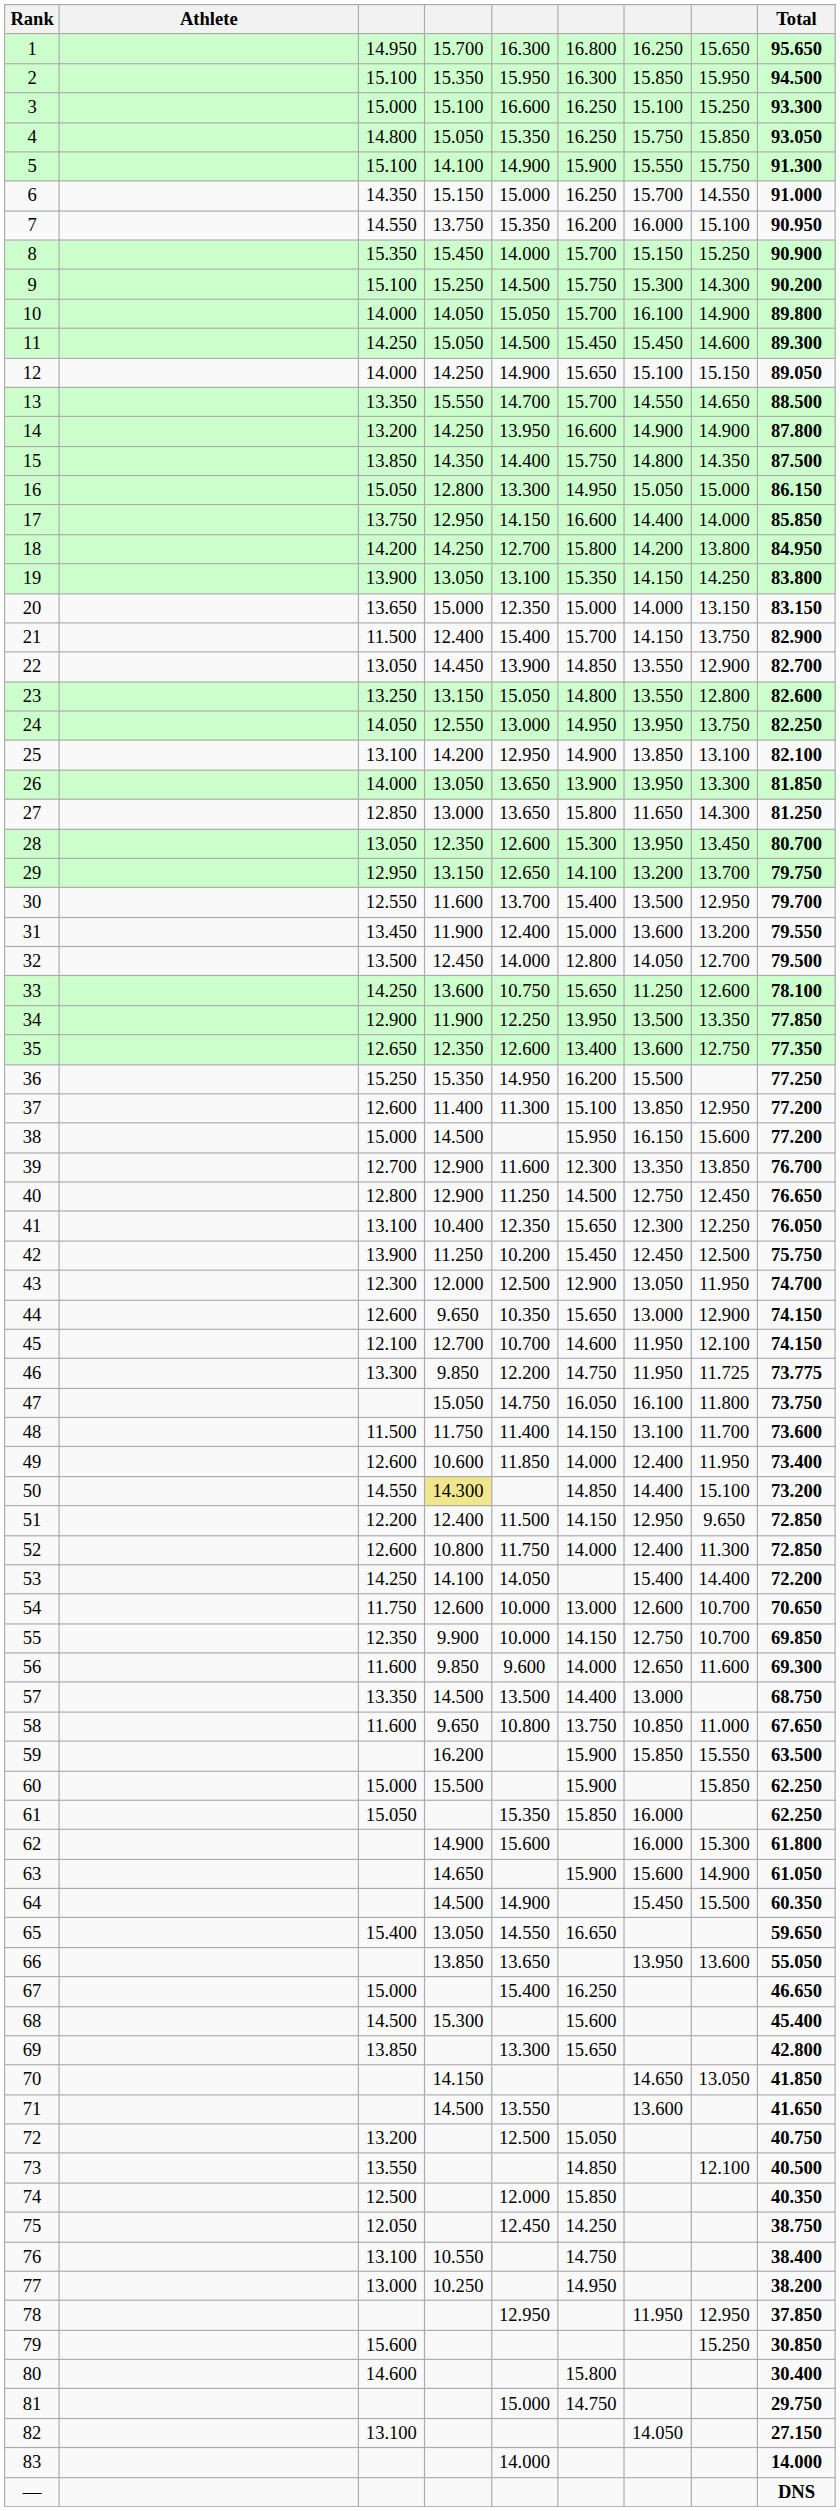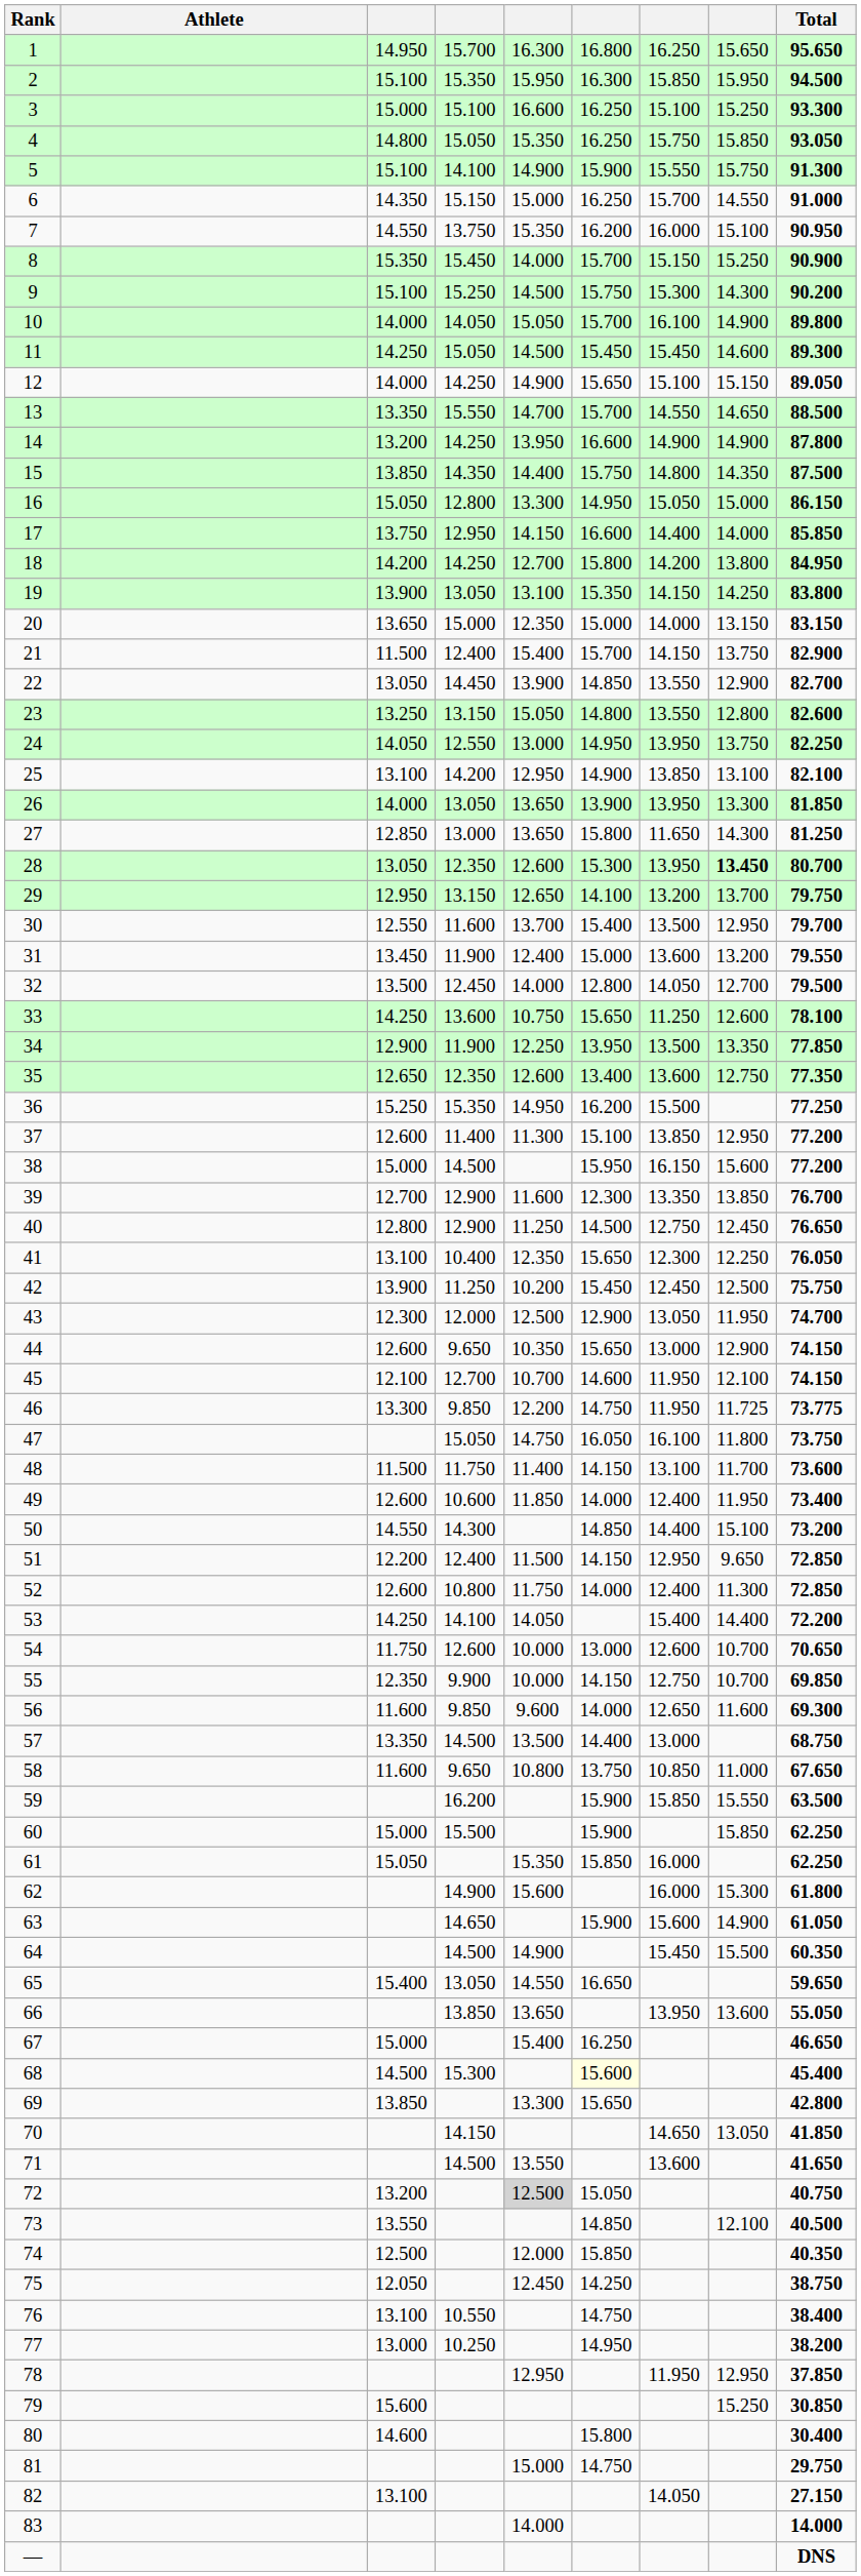 <table class=wikitable style="text-align:center">
 <tr>
 <th width=40>Rank</th>
 <th width=250>Athlete</th>
 <th width=50></th>
 <th width=50></th>
 <th width=50></th>
 <th width=50></th>
 <th width=50></th>
 <th width=50></th>
 <th width=60>Total</th>
 </tr>
 <tr bgcolor="ccffcc">
 <td>1</td>
 <td align=left></td>
 <td>14.950</td>
 <td>15.700</td>
 <td>16.300</td>
 <td>16.800</td>
 <td>16.250</td>
 <td>15.650</td>
 <td><strong>95.650</strong></td>
 </tr>
 <tr bgcolor="ccffcc">
 <td>2</td>
 <td align=left></td>
 <td>15.100</td>
 <td>15.350</td>
 <td>15.950</td>
 <td>16.300</td>
 <td>15.850</td>
 <td>15.950</td>
 <td><strong>94.500</strong></td>
 </tr>
 <tr bgcolor="ccffcc">
 <td>3</td>
 <td align=left></td>
 <td>15.000</td>
 <td>15.100</td>
 <td>16.600</td>
 <td>16.250</td>
 <td>15.100</td>
 <td>15.250</td>
 <td><strong>93.300</strong></td>
 </tr>
 <tr bgcolor="ccffcc">
 <td>4</td>
 <td align=left></td>
 <td>14.800</td>
 <td>15.050</td>
 <td>15.350</td>
 <td>16.250</td>
 <td>15.750</td>
 <td>15.850</td>
 <td><strong>93.050</strong></td>
 </tr>
 <tr bgcolor="ccffcc">
 <td>5</td>
 <td align=left></td>
 <td>15.100</td>
 <td>14.100</td>
 <td>14.900</td>
 <td>15.900</td>
 <td>15.550</td>
 <td>15.750</td>
 <td><strong>91.300</strong></td>
 </tr>
 <tr>
 <td>6</td>
 <td align=left></td>
 <td>14.350</td>
 <td>15.150</td>
 <td>15.000</td>
 <td>16.250</td>
 <td>15.700</td>
 <td>14.550</td>
 <td><strong>91.000</strong></td>
 </tr>
 <tr>
 <td>7</td>
 <td align=left></td>
 <td>14.550</td>
 <td>13.750</td>
 <td>15.350</td>
 <td>16.200</td>
 <td>16.000</td>
 <td>15.100</td>
 <td><strong>90.950</strong></td>
 </tr>
 <tr bgcolor="ccffcc">
 <td>8</td>
 <td align=left></td>
 <td>15.350</td>
 <td>15.450</td>
 <td>14.000</td>
 <td>15.700</td>
 <td>15.150</td>
 <td>15.250</td>
 <td><strong>90.900</strong></td>
 </tr>
 <tr bgcolor="ccffcc">
 <td>9</td>
 <td align=left></td>
 <td>15.100</td>
 <td>15.250</td>
 <td>14.500</td>
 <td>15.750</td>
 <td>15.300</td>
 <td>14.300</td>
 <td><strong>90.200</strong></td>
 </tr>
 <tr bgcolor="ccffcc">
 <td>10</td>
 <td align=left></td>
 <td>14.000</td>
 <td>14.050</td>
 <td>15.050</td>
 <td>15.700</td>
 <td>16.100</td>
 <td>14.900</td>
 <td><strong>89.800</strong></td>
 </tr>
 <tr bgcolor="ccffcc">
 <td>11</td>
 <td align=left></td>
 <td>14.250</td>
 <td>15.050</td>
 <td>14.500</td>
 <td>15.450</td>
 <td>15.450</td>
 <td>14.600</td>
 <td><strong>89.300</strong></td>
 </tr>
 <tr>
 <td>12</td>
 <td align=left></td>
 <td>14.000</td>
 <td>14.250</td>
 <td>14.900</td>
 <td>15.650</td>
 <td>15.100</td>
 <td>15.150</td>
 <td><strong>89.050</strong></td>
 </tr>
 <tr bgcolor="ccffcc">
 <td>13</td>
 <td align=left></td>
 <td>13.350</td>
 <td>15.550</td>
 <td>14.700</td>
 <td>15.700</td>
 <td>14.550</td>
 <td>14.650</td>
 <td><strong>88.500</strong></td>
 </tr>
 <tr bgcolor="ccffcc">
 <td>14</td>
 <td align=left></td>
 <td>13.200</td>
 <td>14.250</td>
 <td>13.950</td>
 <td>16.600</td>
 <td>14.900</td>
 <td>14.900</td>
 <td><strong>87.800</strong></td>
 </tr>
 <tr bgcolor="ccffcc">
 <td>15</td>
 <td align=left></td>
 <td>13.850</td>
 <td>14.350</td>
 <td>14.400</td>
 <td>15.750</td>
 <td>14.800</td>
 <td>14.350</td>
 <td><strong>87.500</strong></td>
 </tr>
 <tr bgcolor="ccffcc">
 <td>16 </td>
 <td align=left></td>
 <td>15.050</td>
 <td>12.800</td>
 <td>13.300</td>
 <td>14.950</td>
 <td>15.050</td>
 <td>15.000</td>
 <td><strong>86.150</strong></td>
 </tr>
 <tr bgcolor="ccffcc">
 <td>17</td>
 <td align=left></td>
 <td>13.750</td>
 <td>12.950</td>
 <td>14.150</td>
 <td>16.600</td>
 <td>14.400</td>
 <td>14.000</td>
 <td><strong>85.850</strong></td>
 </tr>
 <tr bgcolor="ccffcc">
 <td>18</td>
 <td align=left></td>
 <td>14.200</td>
 <td>14.250</td>
 <td>12.700</td>
 <td>15.800</td>
 <td>14.200</td>
 <td>13.800</td>
 <td><strong>84.950</strong></td>
 </tr>
 <tr bgcolor="ccffcc">
 <td>19</td>
 <td align=left></td>
 <td>13.900</td>
 <td>13.050</td>
 <td>13.100</td>
 <td>15.350</td>
 <td>14.150</td>
 <td>14.250</td>
 <td><strong>83.800</strong></td>
 </tr>
 <tr>
 <td>20</td>
 <td align=left></td>
 <td>13.650</td>
 <td>15.000</td>
 <td>12.350</td>
 <td>15.000</td>
 <td>14.000</td>
 <td>13.150</td>
 <td><strong>83.150</strong></td>
 </tr>
 <tr>
 <td>21</td>
 <td align=left></td>
 <td>11.500</td>
 <td>12.400</td>
 <td>15.400</td>
 <td>15.700</td>
 <td>14.150</td>
 <td>13.750</td>
 <td><strong>82.900</strong></td>
 </tr>
 <tr>
 <td>22</td>
 <td align=left></td>
 <td>13.050</td>
 <td>14.450</td>
 <td>13.900</td>
 <td>14.850</td>
 <td>13.550</td>
 <td>12.900</td>
 <td><strong>82.700</strong></td>
 </tr>
 <tr bgcolor="ccffcc">
 <td>23</td>
 <td align=left></td>
 <td>13.250</td>
 <td>13.150</td>
 <td>15.050</td>
 <td>14.800</td>
 <td>13.550</td>
 <td>12.800</td>
 <td><strong>82.600</strong></td>
 </tr>
 <tr bgcolor="ccffcc">
 <td>24</td>
 <td align=left></td>
 <td>14.050</td>
 <td>12.550</td>
 <td>13.000</td>
 <td>14.950</td>
 <td>13.950</td>
 <td>13.750</td>
 <td><strong>82.250</strong></td>
 </tr>
 <tr>
 <td>25</td>
 <td align=left></td>
 <td>13.100</td>
 <td>14.200</td>
 <td>12.950</td>
 <td>14.900</td>
 <td>13.850</td>
 <td>13.100</td>
 <td><strong>82.100</strong></td>
 </tr>
 <tr bgcolor="ccffcc">
 <td>26</td>
 <td align=left></td>
 <td>14.000</td>
 <td>13.050</td>
 <td>13.650</td>
 <td>13.900</td>
 <td>13.950</td>
 <td>13.300</td>
 <td><strong>81.850</strong></td>
 </tr>
 <tr>
 <td>27</td>
 <td align=left></td>
 <td>12.850</td>
 <td>13.000</td>
 <td>13.650</td>
 <td>15.800</td>
 <td>11.650</td>
 <td>14.300</td>
 <td><strong>81.250</strong></td>
 </tr>
 <tr bgcolor="ccffcc">
 <td>28</td>
 <td align=left></td>
 <td>13.050</td>
 <td>12.350</td>
 <td>12.600</td>
 <td>15.300</td>
 <td>13.950</td>
-<td>13.450</td>
+<td><strong>13.450</strong></td>
 <td><strong>80.700</strong></td>
 </tr>
 <tr bgcolor="ccffcc">
 <td>29</td>
 <td align=left></td>
 <td>12.950</td>
 <td>13.150</td>
 <td>12.650</td>
 <td>14.100</td>
 <td>13.200</td>
 <td>13.700</td>
 <td><strong>79.750</strong></td>
 </tr>
 <tr>
 <td>30</td>
 <td align=left></td>
 <td>12.550</td>
 <td>11.600</td>
 <td>13.700</td>
 <td>15.400</td>
 <td>13.500</td>
 <td>12.950</td>
 <td><strong>79.700</strong></td>
 </tr>
 <tr>
 <td>31</td>
 <td align=left></td>
 <td>13.450</td>
 <td>11.900</td>
 <td>12.400</td>
 <td>15.000</td>
 <td>13.600</td>
 <td>13.200</td>
 <td><strong>79.550</strong></td>
 </tr>
 <tr>
 <td>32</td>
 <td align=left></td>
 <td>13.500</td>
 <td>12.450</td>
 <td>14.000</td>
 <td>12.800</td>
 <td>14.050</td>
 <td>12.700</td>
 <td><strong>79.500</strong></td>
 </tr>
 <tr bgcolor="ccffcc">
 <td>33 </td>
 <td align=left></td>
 <td>14.250</td>
 <td>13.600</td>
 <td>10.750</td>
 <td>15.650</td>
 <td>11.250</td>
 <td>12.600</td>
 <td><strong>78.100</strong></td>
 </tr>
 <tr bgcolor="ccffcc">
 <td>34</td>
 <td align=left></td>
 <td>12.900</td>
 <td>11.900</td>
 <td>12.250</td>
 <td>13.950</td>
 <td>13.500</td>
 <td>13.350</td>
 <td><strong>77.850</strong></td>
 </tr>
 <tr bgcolor="ccffcc">
 <td>35</td>
 <td align=left></td>
 <td>12.650</td>
 <td>12.350</td>
 <td>12.600</td>
 <td>13.400</td>
 <td>13.600</td>
 <td>12.750</td>
 <td><strong>77.350</strong></td>
 </tr>
 <tr>
 <td>36</td>
 <td align=left></td>
 <td>15.250</td>
 <td>15.350</td>
 <td>14.950</td>
 <td>16.200</td>
 <td>15.500</td>
 <td></td>
 <td><strong>77.250</strong></td>
 </tr>
 <tr>
 <td>37</td>
 <td align=left></td>
 <td>12.600</td>
 <td>11.400</td>
 <td>11.300</td>
 <td>15.100</td>
 <td>13.850</td>
 <td>12.950</td>
 <td><strong>77.200</strong></td>
 </tr>
 <tr>
 <td>38</td>
 <td align=left></td>
 <td>15.000</td>
 <td>14.500</td>
 <td></td>
 <td>15.950</td>
 <td>16.150</td>
 <td>15.600</td>
 <td><strong>77.200</strong></td>
 </tr>
 <tr>
 <td>39</td>
 <td align=left></td>
 <td>12.700</td>
 <td>12.900</td>
 <td>11.600</td>
 <td>12.300</td>
 <td>13.350</td>
 <td>13.850</td>
 <td><strong>76.700</strong></td>
 </tr>
 <tr>
 <td>40 </td>
 <td align=left></td>
 <td>12.800</td>
 <td>12.900</td>
 <td>11.250</td>
 <td>14.500</td>
 <td>12.750</td>
 <td>12.450</td>
 <td><strong>76.650</strong></td>
 </tr>
 <tr>
 <td>41 </td>
 <td align=left></td>
 <td>13.100</td>
 <td>10.400</td>
 <td>12.350</td>
 <td>15.650</td>
 <td>12.300</td>
 <td>12.250</td>
 <td><strong>76.050</strong></td>
 </tr>
 <tr>
 <td>42</td>
 <td align=left></td>
 <td>13.900</td>
 <td>11.250</td>
 <td>10.200</td>
 <td>15.450</td>
 <td>12.450</td>
 <td>12.500</td>
 <td><strong>75.750</strong></td>
 </tr>
 <tr>
 <td>43</td>
 <td align=left></td>
 <td>12.300</td>
 <td>12.000</td>
 <td>12.500</td>
 <td>12.900</td>
 <td>13.050</td>
 <td>11.950</td>
 <td><strong>74.700</strong></td>
 </tr>
 <tr>
 <td>44</td>
 <td align=left></td>
 <td>12.600</td>
 <td>9.650</td>
 <td>10.350</td>
 <td>15.650</td>
 <td>13.000</td>
 <td>12.900</td>
 <td><strong>74.150</strong></td>
 </tr>
 <tr>
 <td>45</td>
 <td align=left></td>
 <td>12.100</td>
 <td>12.700</td>
 <td>10.700</td>
 <td>14.600</td>
 <td>11.950</td>
 <td>12.100</td>
 <td><strong>74.150</strong></td>
 </tr>
 <tr>
 <td>46</td>
 <td align=left></td>
 <td>13.300</td>
 <td>9.850</td>
 <td>12.200</td>
 <td>14.750</td>
 <td>11.950</td>
 <td>11.725</td>
 <td><strong>73.775</strong></td>
 </tr>
 <tr>
 <td>47</td>
 <td align=left></td>
 <td></td>
 <td>15.050</td>
 <td>14.750</td>
 <td>16.050</td>
 <td>16.100</td>
 <td>11.800</td>
 <td><strong>73.750</strong></td>
 </tr>
 <tr>
 <td>48</td>
 <td align=left></td>
 <td>11.500</td>
 <td>11.750</td>
 <td>11.400</td>
 <td>14.150</td>
 <td>13.100</td>
 <td>11.700</td>
 <td><strong>73.600</strong></td>
 </tr>
 <tr>
 <td>49</td>
 <td align=left></td>
 <td>12.600</td>
 <td>10.600</td>
 <td>11.850</td>
 <td>14.000</td>
 <td>12.400</td>
 <td>11.950</td>
 <td><strong>73.400</strong></td>
 </tr>
 <tr>
 <td>50</td>
 <td align=left></td>
 <td>14.550</td>
-<td style="background: khaki;">14.300</td>
+<td>14.300</td>
 <td></td>
 <td>14.850</td>
 <td>14.400</td>
 <td>15.100</td>
 <td><strong>73.200</strong></td>
 </tr>
 <tr>
 <td>51</td>
 <td align=left></td>
 <td>12.200</td>
 <td>12.400</td>
 <td>11.500</td>
 <td>14.150</td>
 <td>12.950</td>
 <td>9.650</td>
 <td><strong>72.850</strong></td>
 </tr>
 <tr>
 <td>52</td>
 <td align=left></td>
 <td>12.600</td>
 <td>10.800</td>
 <td>11.750</td>
 <td>14.000</td>
 <td>12.400</td>
 <td>11.300</td>
 <td><strong>72.850</strong></td>
 </tr>
 <tr>
 <td>53</td>
 <td align=left></td>
 <td>14.250</td>
 <td>14.100</td>
 <td>14.050</td>
 <td></td>
 <td>15.400</td>
 <td>14.400</td>
 <td><strong>72.200</strong></td>
 </tr>
 <tr>
 <td>54</td>
 <td align=left></td>
 <td>11.750</td>
 <td>12.600</td>
 <td>10.000</td>
 <td>13.000</td>
 <td>12.600</td>
 <td>10.700</td>
 <td><strong>70.650</strong></td>
 </tr>
 <tr>
 <td>55</td>
 <td align=left></td>
 <td>12.350</td>
 <td>9.900</td>
 <td>10.000</td>
 <td>14.150</td>
 <td>12.750</td>
 <td>10.700</td>
 <td><strong>69.850</strong></td>
 </tr>
 <tr>
 <td>56</td>
 <td align=left></td>
 <td>11.600</td>
 <td>9.850</td>
 <td>9.600</td>
 <td>14.000</td>
 <td>12.650</td>
 <td>11.600</td>
 <td><strong>69.300</strong></td>
 </tr>
 <tr>
 <td>57</td>
 <td align=left></td>
 <td>13.350</td>
 <td>14.500</td>
 <td>13.500</td>
 <td>14.400</td>
 <td>13.000</td>
 <td></td>
 <td><strong>68.750</strong></td>
 </tr>
 <tr>
 <td>58</td>
 <td align=left></td>
 <td>11.600</td>
 <td>9.650</td>
 <td>10.800</td>
 <td>13.750</td>
 <td>10.850</td>
 <td>11.000</td>
 <td><strong>67.650</strong></td>
 </tr>
 <tr>
 <td>59</td>
 <td align=left></td>
 <td></td>
 <td>16.200</td>
 <td></td>
 <td>15.900</td>
 <td>15.850</td>
 <td>15.550</td>
 <td><strong>63.500</strong></td>
 </tr>
 <tr>
 <td>60</td>
 <td align=left></td>
 <td>15.000</td>
 <td>15.500</td>
 <td></td>
 <td>15.900</td>
 <td></td>
 <td>15.850</td>
 <td><strong>62.250</strong></td>
 </tr>
 <tr>
 <td>61</td>
 <td align=left></td>
 <td>15.050</td>
 <td></td>
 <td>15.350</td>
 <td>15.850</td>
 <td>16.000</td>
 <td></td>
 <td><strong>62.250</strong></td>
 </tr>
 <tr>
 <td>62</td>
 <td align=left></td>
 <td></td>
 <td>14.900</td>
 <td>15.600</td>
 <td></td>
 <td>16.000</td>
 <td>15.300</td>
 <td><strong>61.800</strong></td>
 </tr>
 <tr>
 <td>63</td>
 <td align=left></td>
 <td></td>
 <td>14.650</td>
 <td></td>
 <td>15.900</td>
 <td>15.600</td>
 <td>14.900</td>
 <td><strong>61.050</strong></td>
 </tr>
 <tr>
 <td>64</td>
 <td align=left></td>
 <td></td>
 <td>14.500</td>
 <td>14.900</td>
 <td></td>
 <td>15.450</td>
 <td>15.500</td>
 <td><strong>60.350</strong></td>
 </tr>
 <tr>
 <td>65</td>
 <td align=left></td>
 <td>15.400</td>
 <td>13.050</td>
 <td>14.550</td>
 <td>16.650</td>
 <td></td>
 <td></td>
 <td><strong>59.650</strong></td>
 </tr>
 <tr>
 <td>66</td>
 <td align=left></td>
 <td></td>
 <td>13.850</td>
 <td>13.650</td>
 <td></td>
 <td>13.950</td>
 <td>13.600</td>
 <td><strong>55.050</strong></td>
 </tr>
 <tr>
 <td>67</td>
 <td align=left></td>
 <td>15.000</td>
 <td></td>
 <td>15.400</td>
 <td>16.250</td>
 <td></td>
 <td></td>
 <td><strong>46.650</strong></td>
 </tr>
 <tr>
 <td>68</td>
 <td align=left></td>
 <td>14.500</td>
 <td>15.300</td>
 <td></td>
-<td>15.600</td>
+<td style="background: lightyellow;">15.600</td>
 <td></td>
 <td></td>
 <td><strong>45.400</strong></td>
 </tr>
 <tr>
 <td>69</td>
 <td align=left></td>
 <td>13.850</td>
 <td></td>
 <td>13.300</td>
 <td>15.650</td>
 <td></td>
 <td></td>
 <td><strong>42.800</strong></td>
 </tr>
 <tr>
 <td>70</td>
 <td align=left></td>
 <td></td>
 <td>14.150</td>
 <td></td>
 <td></td>
 <td>14.650</td>
 <td>13.050</td>
 <td><strong>41.850</strong></td>
 </tr>
 <tr>
 <td>71</td>
 <td align=left></td>
 <td></td>
 <td>14.500</td>
 <td>13.550</td>
 <td></td>
 <td>13.600</td>
 <td></td>
 <td><strong>41.650</strong></td>
 </tr>
 <tr>
 <td>72</td>
 <td align=left></td>
 <td>13.200</td>
 <td></td>
-<td>12.500</td>
+<td style="background: lightgrey;">12.500</td>
 <td>15.050</td>
 <td></td>
 <td></td>
 <td><strong>40.750</strong></td>
 </tr>
 <tr>
 <td>73</td>
 <td align=left></td>
 <td>13.550</td>
 <td></td>
 <td></td>
 <td>14.850</td>
 <td></td>
 <td>12.100</td>
 <td><strong>40.500</strong></td>
 </tr>
 <tr>
 <td>74</td>
 <td align=left></td>
 <td>12.500</td>
 <td></td>
 <td>12.000</td>
 <td>15.850</td>
 <td></td>
 <td></td>
 <td><strong>40.350</strong></td>
 </tr>
 <tr>
 <td>75</td>
 <td align=left></td>
 <td>12.050</td>
 <td></td>
 <td>12.450</td>
 <td>14.250</td>
 <td></td>
 <td></td>
 <td><strong>38.750</strong></td>
 </tr>
 <tr>
 <td>76</td>
 <td align=left></td>
 <td>13.100</td>
 <td>10.550</td>
 <td></td>
 <td>14.750</td>
 <td></td>
 <td></td>
 <td><strong>38.400</strong></td>
 </tr>
 <tr>
 <td>77</td>
 <td align=left></td>
 <td>13.000</td>
 <td>10.250</td>
 <td></td>
 <td>14.950</td>
 <td></td>
 <td></td>
 <td><strong>38.200</strong></td>
 </tr>
 <tr>
 <td>78</td>
 <td align=left></td>
 <td></td>
 <td></td>
 <td>12.950</td>
 <td></td>
 <td>11.950</td>
 <td>12.950</td>
 <td><strong>37.850</strong></td>
 </tr>
 <tr>
 <td>79</td>
 <td align=left></td>
 <td>15.600</td>
 <td></td>
 <td></td>
 <td></td>
 <td></td>
 <td>15.250</td>
 <td><strong>30.850</strong></td>
 </tr>
 <tr>
 <td>80</td>
 <td align=left></td>
 <td>14.600</td>
 <td></td>
 <td></td>
 <td>15.800</td>
 <td></td>
 <td></td>
 <td><strong>30.400</strong></td>
 </tr>
 <tr>
 <td>81</td>
 <td align=left></td>
 <td></td>
 <td></td>
 <td>15.000</td>
 <td>14.750</td>
 <td></td>
 <td></td>
 <td><strong>29.750</strong></td>
 </tr>
 <tr>
 <td>82</td>
 <td align=left></td>
 <td>13.100</td>
 <td></td>
 <td></td>
 <td></td>
 <td>14.050</td>
 <td></td>
 <td><strong>27.150</strong></td>
 </tr>
 <tr>
 <td>83</td>
 <td align=left></td>
 <td></td>
 <td></td>
 <td>14.000</td>
 <td></td>
 <td></td>
 <td></td>
 <td><strong>14.000</strong></td>
 </tr>
 <tr>
 <td>—</td>
 <td align=left></td>
 <td></td>
 <td></td>
 <td></td>
 <td></td>
 <td></td>
 <td></td>
 <td><strong>DNS</strong></td>
 </tr>
 </table>
